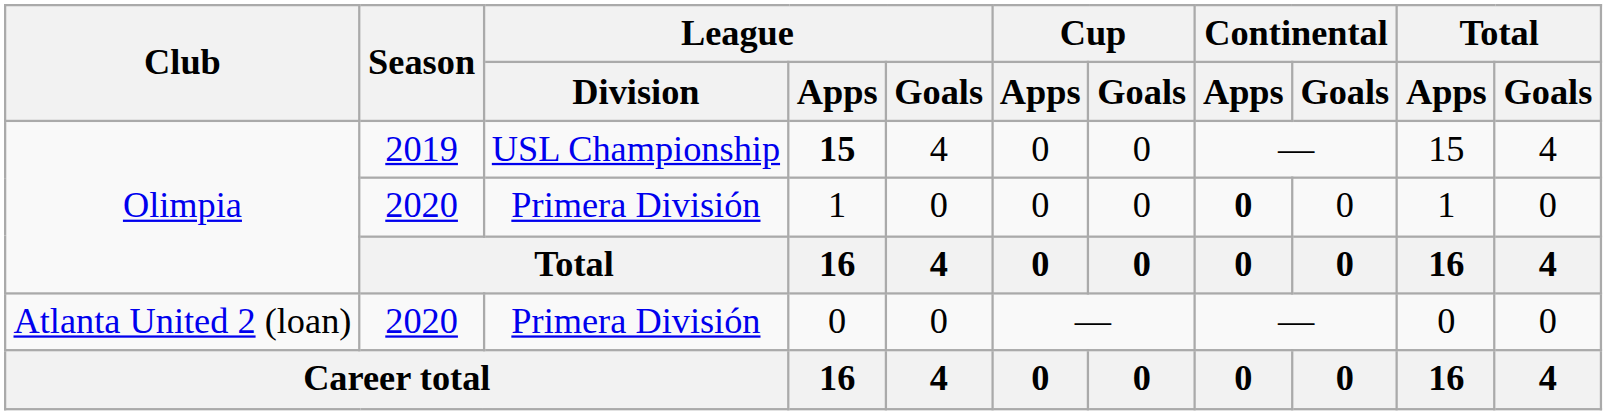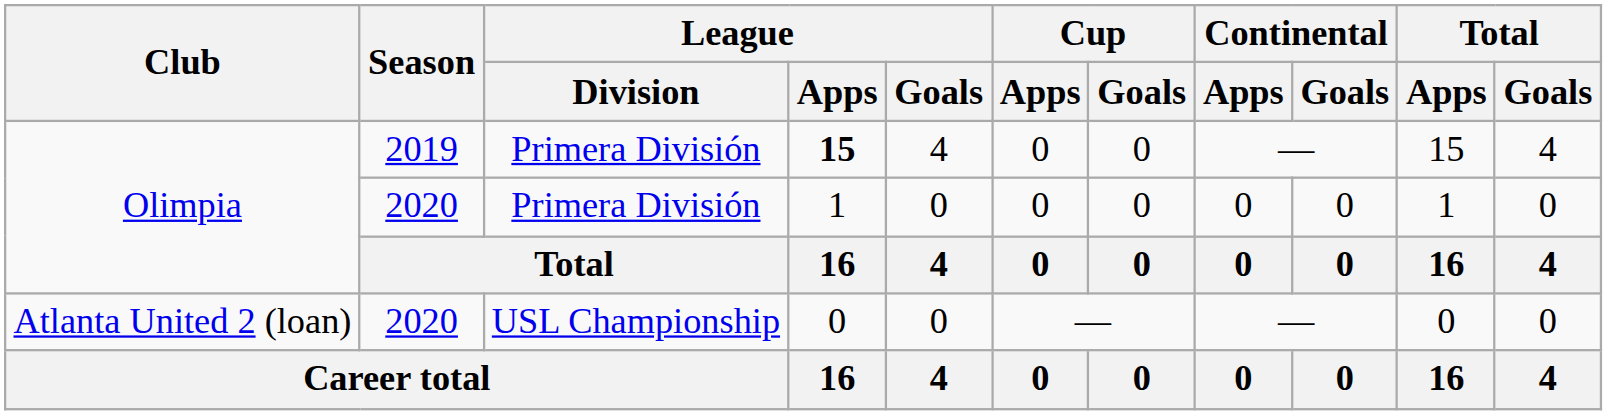 <table class=wikitable style=text-align:center>
 <tr>
 <th rowspan=2>Club</th>
 <th rowspan=2>Season</th>
 <th colspan=3>League</th>
 <th colspan=2>Cup</th>
 <th colspan=2>Continental</th>
 <th colspan=2>Total</th>
 </tr>
 <tr>
 <th>Division</th>
 <th>Apps</th>
 <th>Goals</th>
 <th>Apps</th>
 <th>Goals</th>
 <th>Apps</th>
 <th>Goals</th>
 <th>Apps</th>
 <th>Goals</th>
 </tr>
 <tr>
 <td rowspan=3><a href='#'>Olimpia</a></td>
 <td><a href='#'>2019</a></td>
-<td><a href='#'>USL Championship</a></td>
+<td><a href='#'>Primera División</a></td>
 <td><strong>15</strong></td>
 <td>4</td>
 <td>0</td>
 <td>0</td>
 <td colspan=2>—</td>
 <td>15</td>
 <td>4</td>
 </tr>
 <tr>
 <td><a href='#'>2020</a></td>
 <td><a href='#'>Primera División</a></td>
 <td>1</td>
 <td>0</td>
 <td>0</td>
 <td>0</td>
-<td><strong>0</strong></td>
+<td>0</td>
 <td>0</td>
 <td>1</td>
 <td>0</td>
 </tr>
 <tr>
 <th colspan=2>Total</th>
 <th>16</th>
 <th>4</th>
 <th>0</th>
 <th>0</th>
 <th>0</th>
 <th>0</th>
 <th>16</th>
 <th>4</th>
 </tr>
 <tr>
 <td rowspan=1><a href='#'>Atlanta United 2</a> (loan)</td>
 <td><a href='#'>2020</a></td>
-<td><a href='#'>Primera División</a></td>
+<td><a href='#'>USL Championship</a></td>
 <td>0</td>
 <td>0</td>
 <td colspan=2>—</td>
 <td colspan=2>—</td>
 <td>0</td>
 <td>0</td>
 </tr>
 <tr>
 <th colspan=3>Career total</th>
 <th>16</th>
 <th>4</th>
 <th>0</th>
 <th>0</th>
 <th>0</th>
 <th>0</th>
 <th>16</th>
 <th>4</th>
 </tr>
 </table>
